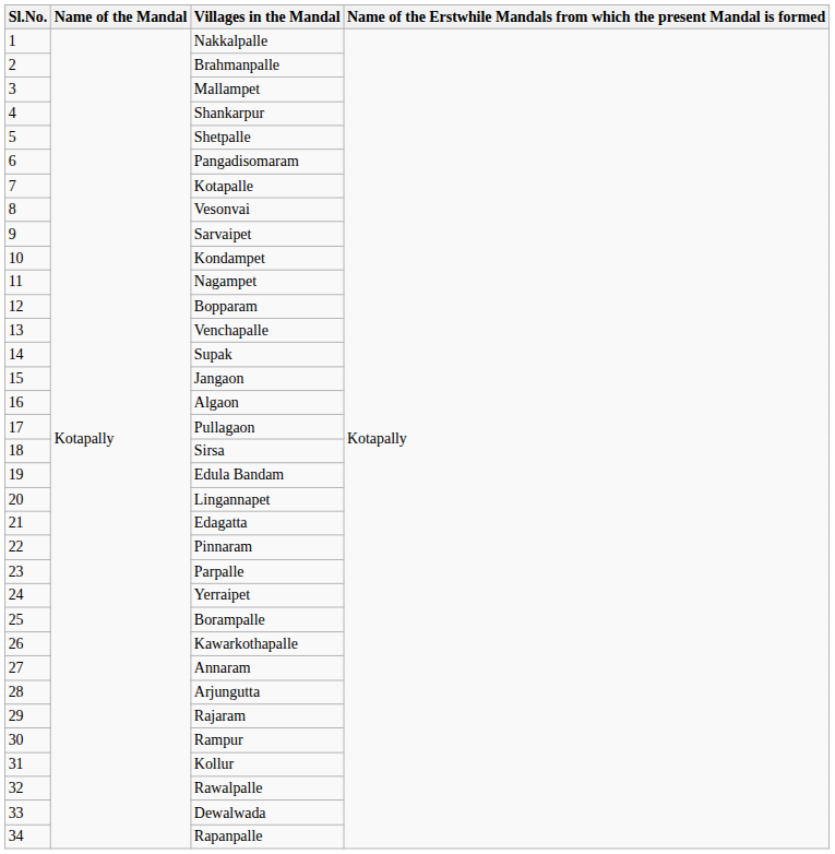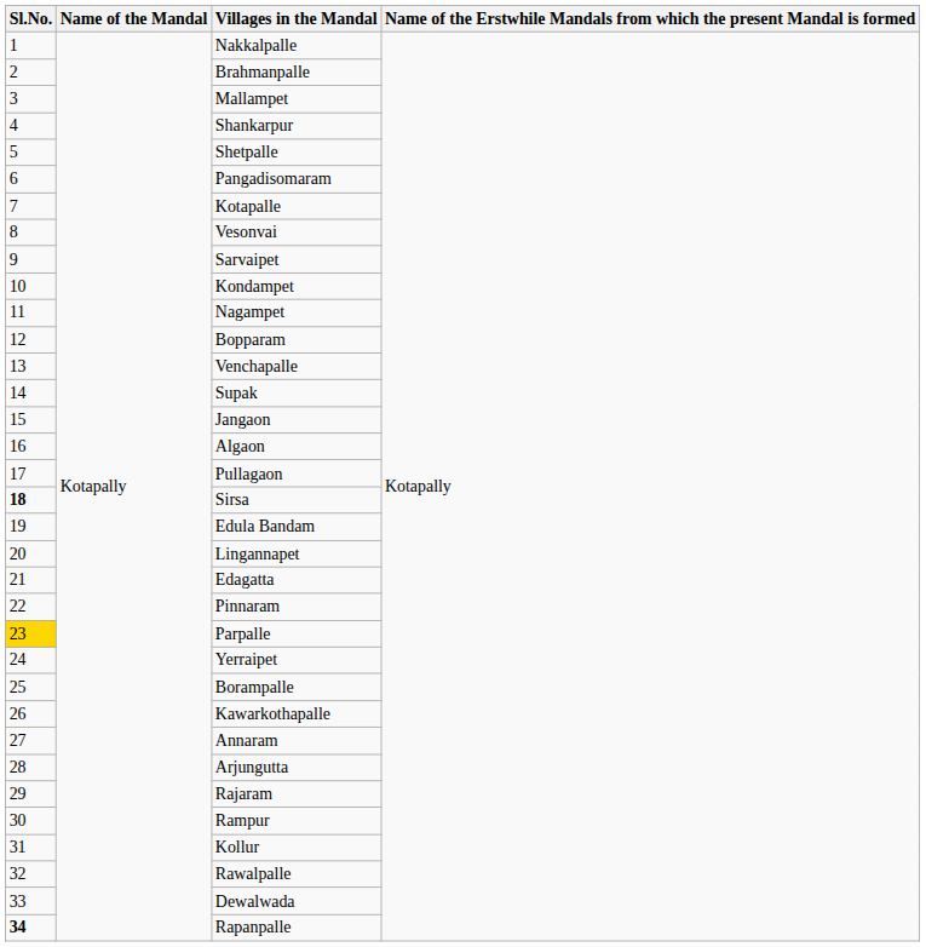 <table class="wikitable">
 <tr>
 <th>Sl.No.</th>
 <th>Name of the Mandal</th>
 <th>Villages in the Mandal</th>
 <th>Name of the Erstwhile Mandals from which the present Mandal is formed</th>
 </tr>
 <tr>
 <td>1</td>
 <td rowspan="34">Kotapally</td>
 <td>Nakkalpalle</td>
 <td rowspan="34">Kotapally</td>
 </tr>
 <tr>
 <td>2</td>
 <td>Brahmanpalle</td>
 </tr>
 <tr>
 <td>3</td>
 <td>Mallampet</td>
 </tr>
 <tr>
 <td>4</td>
 <td>Shankarpur</td>
 </tr>
 <tr>
 <td>5</td>
 <td>Shetpalle</td>
 </tr>
 <tr>
 <td>6</td>
 <td>Pangadisomaram</td>
 </tr>
 <tr>
 <td>7</td>
 <td>Kotapalle</td>
 </tr>
 <tr>
 <td>8</td>
 <td>Vesonvai</td>
 </tr>
 <tr>
 <td>9</td>
 <td>Sarvaipet</td>
 </tr>
 <tr>
 <td>10</td>
 <td>Kondampet</td>
 </tr>
 <tr>
 <td>11</td>
 <td>Nagampet</td>
 </tr>
 <tr>
 <td>12</td>
 <td>Bopparam</td>
 </tr>
 <tr>
 <td>13</td>
 <td>Venchapalle</td>
 </tr>
 <tr>
 <td>14</td>
 <td>Supak</td>
 </tr>
 <tr>
 <td>15</td>
 <td>Jangaon</td>
 </tr>
 <tr>
 <td>16</td>
 <td>Algaon</td>
 </tr>
 <tr>
 <td>17</td>
 <td>Pullagaon</td>
 </tr>
 <tr>
-<td>18</td>
+<td><strong>18</strong></td>
 <td>Sirsa</td>
 </tr>
 <tr>
 <td>19</td>
 <td>Edula Bandam</td>
 </tr>
 <tr>
 <td>20</td>
 <td>Lingannapet</td>
 </tr>
 <tr>
 <td>21</td>
 <td>Edagatta</td>
 </tr>
 <tr>
 <td>22</td>
 <td>Pinnaram</td>
 </tr>
 <tr>
-<td>23</td>
+<td style="background: gold;">23</td>
 <td>Parpalle</td>
 </tr>
 <tr>
 <td>24</td>
 <td>Yerraipet</td>
 </tr>
 <tr>
 <td>25</td>
 <td>Borampalle</td>
 </tr>
 <tr>
 <td>26</td>
 <td>Kawarkothapalle</td>
 </tr>
 <tr>
 <td>27</td>
 <td>Annaram</td>
 </tr>
 <tr>
 <td>28</td>
 <td>Arjungutta</td>
 </tr>
 <tr>
 <td>29</td>
 <td>Rajaram</td>
 </tr>
 <tr>
 <td>30</td>
 <td>Rampur</td>
 </tr>
 <tr>
 <td>31</td>
 <td>Kollur</td>
 </tr>
 <tr>
 <td>32</td>
 <td>Rawalpalle</td>
 </tr>
 <tr>
 <td>33</td>
 <td>Dewalwada</td>
 </tr>
 <tr>
-<td>34</td>
+<td><strong>34</strong></td>
 <td>Rapanpalle</td>
 </tr>
 </table>
